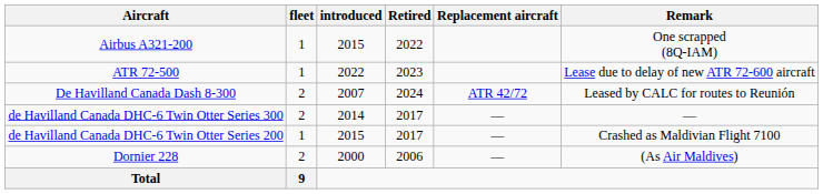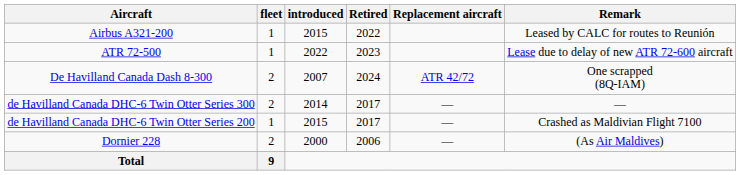 <table class="wikitable toccolours" border="1" cellpadding="2" style="margin:1em auto; border-collapse:collapse;text-align:center;">
 <tr>
 <th>Aircraft</th>
 <th>fleet</th>
 <th>introduced</th>
 <th>Retired</th>
 <th>Replacement aircraft</th>
 <th>Remark</th>
 </tr>
 <tr>
 <td><a href='#'>Airbus A321-200</a></td>
 <td>1</td>
 <td>2015</td>
 <td>2022</td>
 <td></td>
-<td>One scrapped<br>(8Q-IAM)</td>
+<td>Leased by CALC for routes to Reunión</td>
 </tr>
 <tr>
 <td><a href='#'>ATR 72-500</a></td>
 <td>1</td>
 <td>2022</td>
 <td>2023</td>
 <td></td>
 <td><a href='#'>Lease</a> due to delay of new <a href='#'>ATR 72-600</a> aircraft</td>
 </tr>
 <tr>
 <td><a href='#'>De Havilland Canada Dash 8-300</a></td>
 <td>2</td>
 <td>2007</td>
 <td>2024</td>
 <td><a href='#'>ATR 42/72</a></td>
-<td>Leased by CALC for routes to Reunión</td>
+<td>One scrapped<br>(8Q-IAM)</td>
 </tr>
 <tr>
 <td><a href='#'>de Havilland Canada DHC-6 Twin Otter Series 300</a></td>
 <td>2</td>
 <td>2014</td>
 <td>2017</td>
 <td>—</td>
 <td>—</td>
 </tr>
 <tr>
 <td><a href='#'>de Havilland Canada DHC-6 Twin Otter Series 200</a></td>
 <td>1</td>
 <td>2015</td>
 <td>2017</td>
 <td>—</td>
 <td>Crashed as Maldivian Flight 7100</td>
 </tr>
 <tr>
 <td><a href='#'>Dornier 228</a></td>
 <td>2</td>
 <td>2000</td>
 <td>2006</td>
 <td>—</td>
 <td>(As <a href='#'>Air Maldives</a>)</td>
 </tr>
 <tr>
 <th>Total</th>
 <th>9</th>
 </tr>
 </table>
